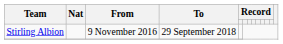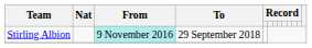 <table class="wikitable" style="text-align: center">
 <tr>
 <th rowspan="2">Team</th>
 <th rowspan="2">Nat</th>
 <th rowspan="2">From</th>
 <th rowspan="2">To</th>
 <th colspan="8">Record</th>
 <th rowspan=2></th>
 </tr>
 <tr>
 <th></th>
 <th></th>
 <th></th>
 <th></th>
 <th></th>
 <th></th>
 <th></th>
 <th></th>
 </tr>
 <tr>
 <td align=left><a href='#'>Stirling Albion</a></td>
 <td></td>
-<td align=left>9 November 2016</td>
+<td align=left style="background: paleturquoise;">9 November 2016</td>
 <td align=left>29 September 2018<br></td>
 <td></td>
 </tr>
 <tr>
 </tr>
 </table>
